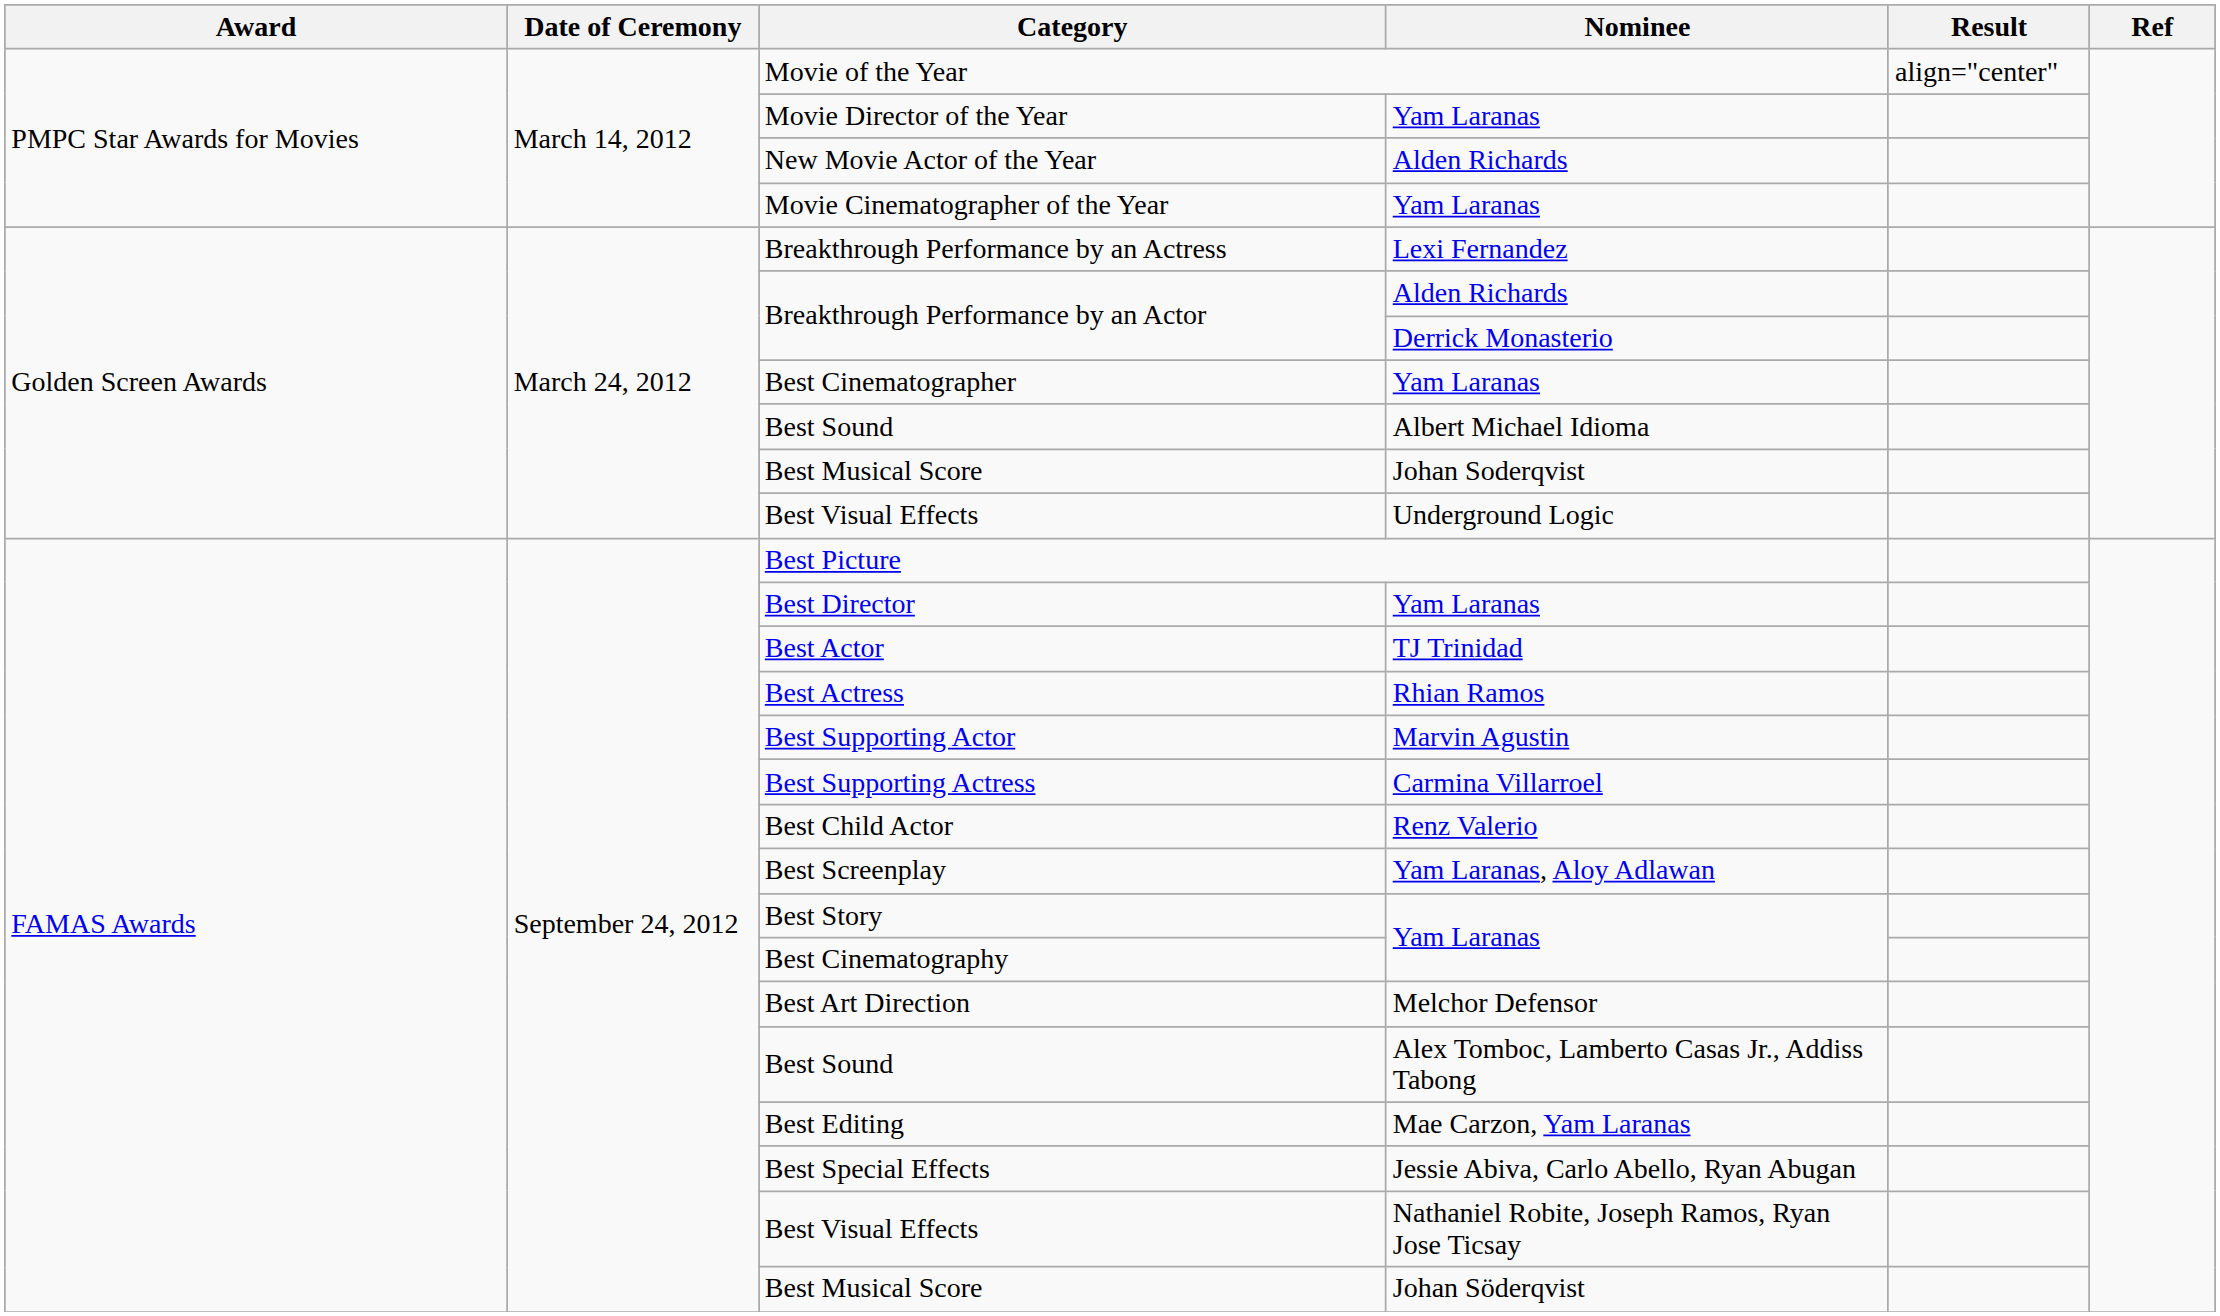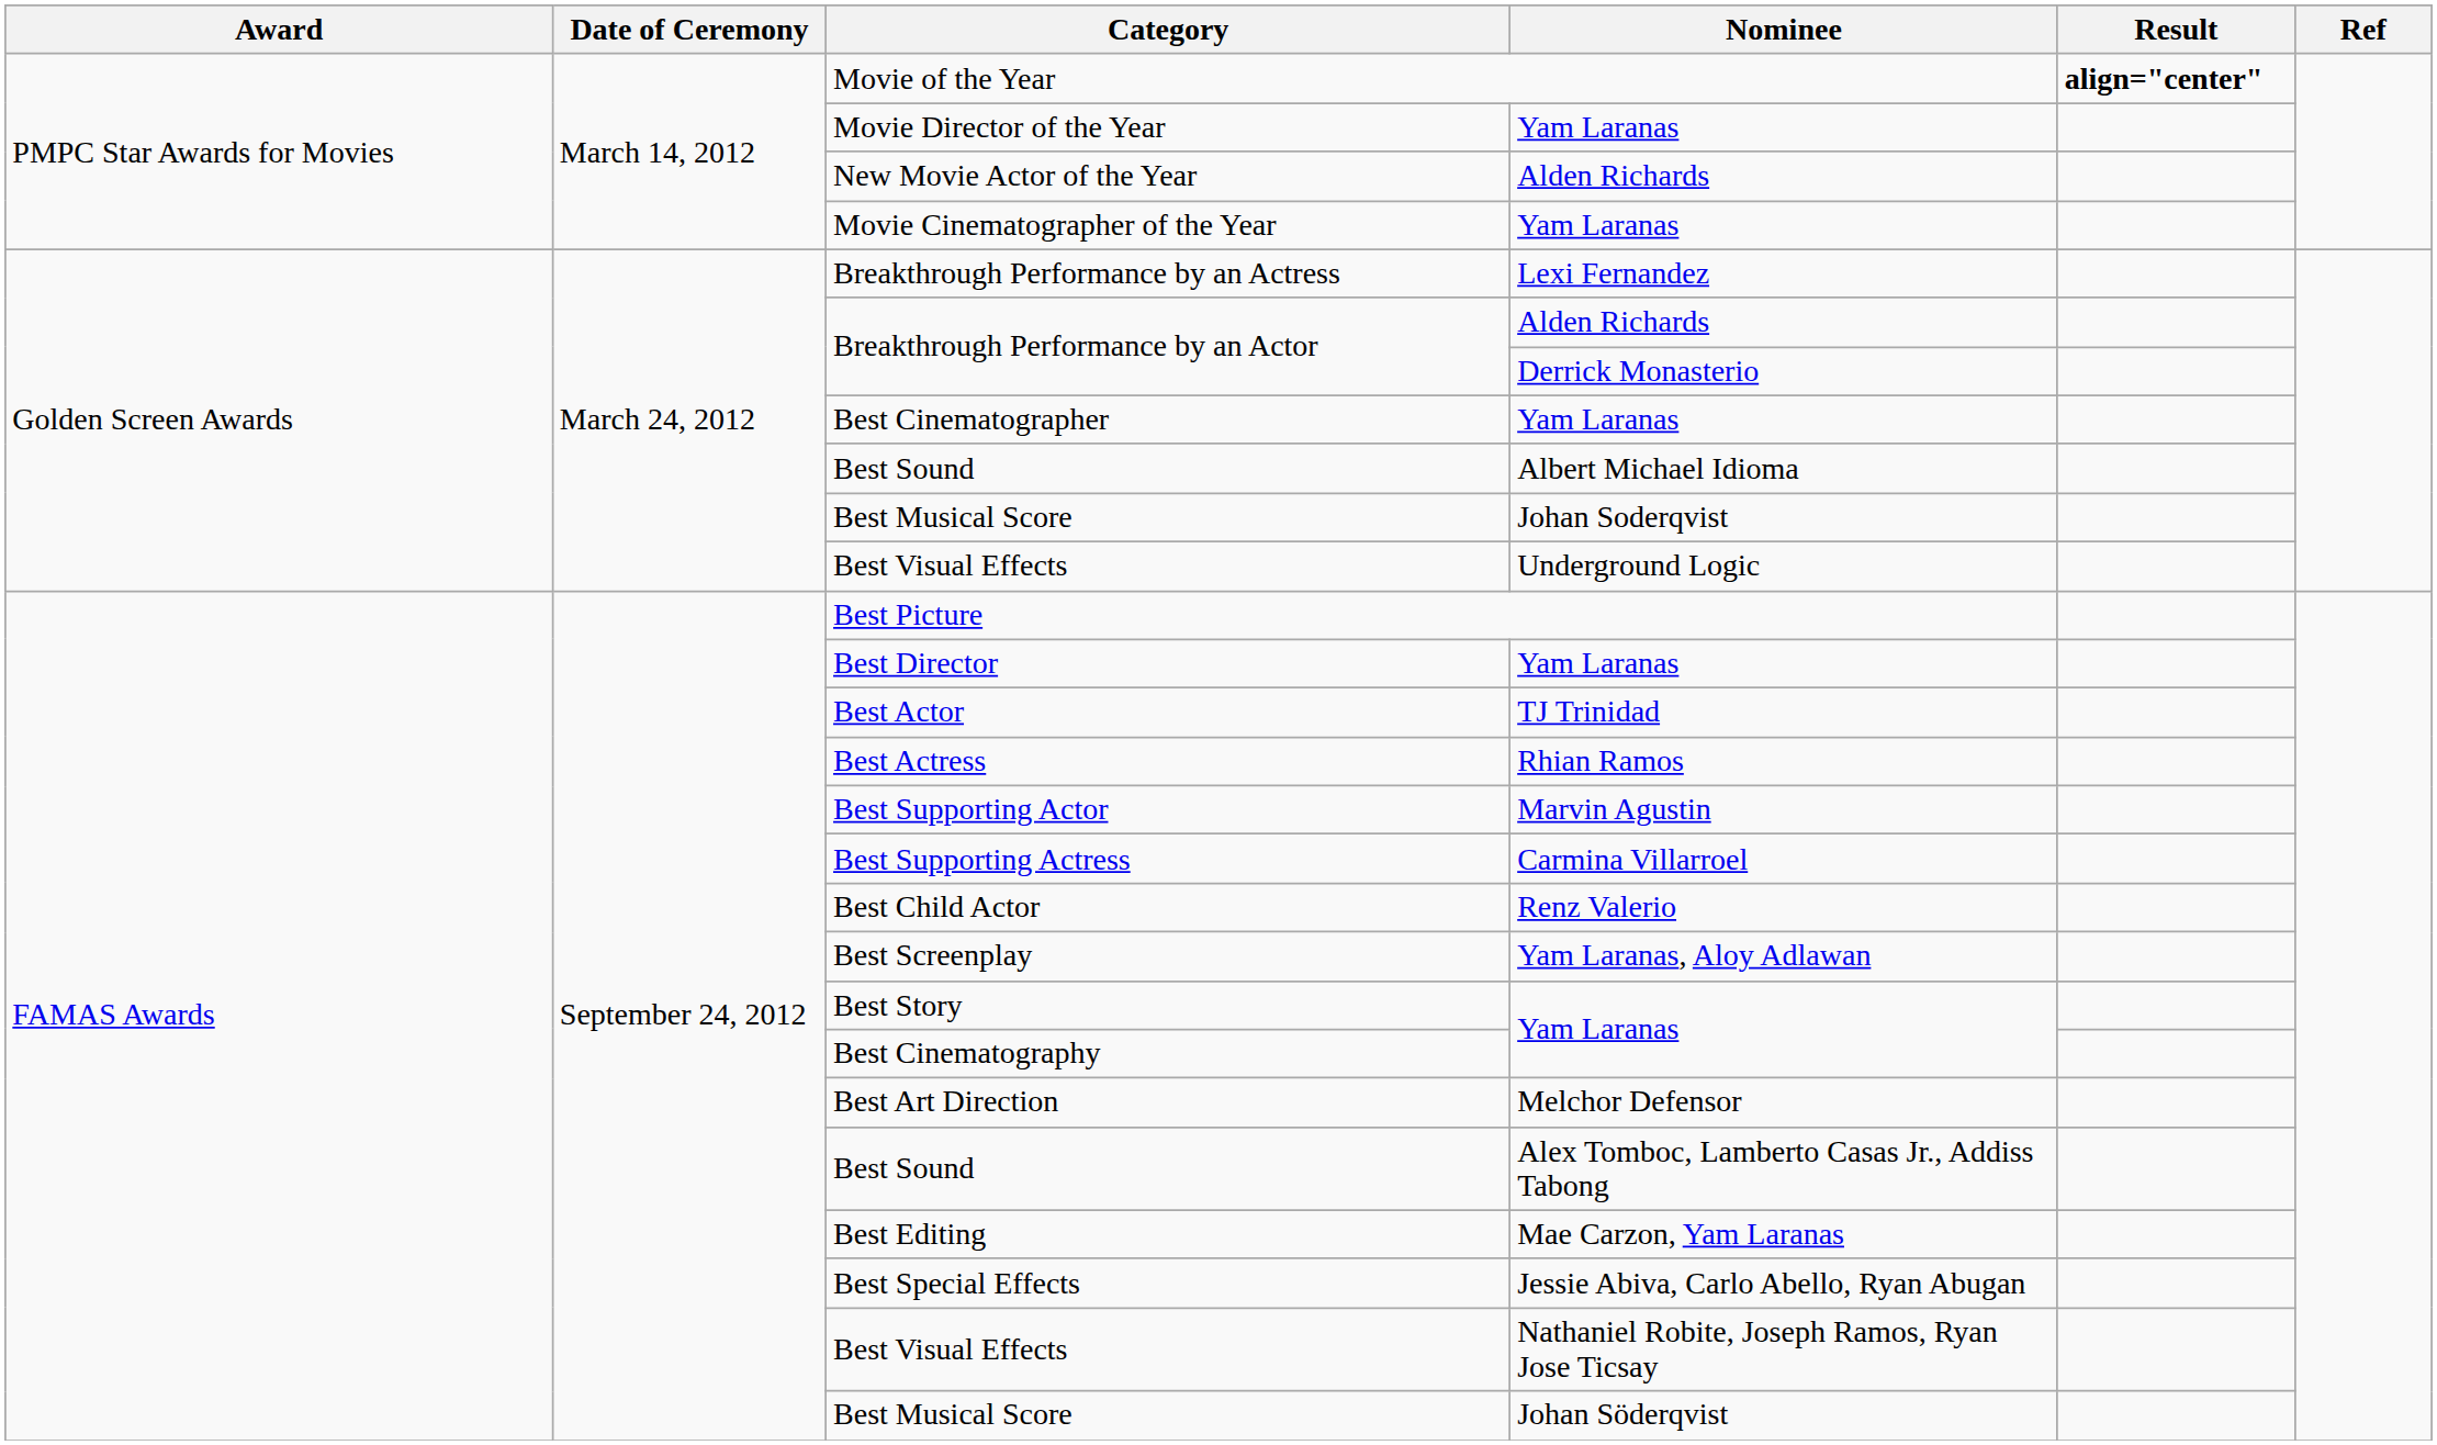 <table class="wikitable" style="margin:1em auto; width:100%;">
 <tr>
 <th style="width:20%;">Award</th>
 <th style="width:10%;">Date of Ceremony</th>
 <th style="width:25%;">Category</th>
 <th style="width:20%;">Nominee</th>
 <th style="width:8%;">Result</th>
 <th style="width:5%;">Ref</th>
 </tr>
 <tr>
 <td rowspan="4">PMPC Star Awards for Movies</td>
 <td rowspan="4">March 14, 2012</td>
 <td colspan="2">Movie of the Year</td>
-<td>align="center" </td>
+<td><strong>align="center" </strong></td>
 <td rowspan="4" style="text-align:center;"></td>
 </tr>
 <tr>
 <td>Movie Director of the Year</td>
 <td><a href='#'>Yam Laranas</a></td>
 <td></td>
 </tr>
 <tr>
 <td>New Movie Actor of the Year</td>
 <td><a href='#'>Alden Richards</a></td>
 <td></td>
 </tr>
 <tr>
 <td>Movie Cinematographer of the Year</td>
 <td><a href='#'>Yam Laranas</a></td>
 <td></td>
 </tr>
 <tr>
 <td rowspan="7">Golden Screen Awards</td>
 <td rowspan="7">March 24, 2012</td>
 <td>Breakthrough Performance by an Actress</td>
 <td><a href='#'>Lexi Fernandez</a></td>
 <td></td>
 <td rowspan="7" style="text-align:center;"></td>
 </tr>
 <tr>
 <td rowspan="2">Breakthrough Performance by an Actor</td>
 <td><a href='#'>Alden Richards</a></td>
 <td></td>
 </tr>
 <tr>
 <td><a href='#'>Derrick Monasterio</a></td>
 <td></td>
 </tr>
 <tr>
 <td>Best Cinematographer</td>
 <td><a href='#'>Yam Laranas</a></td>
 <td></td>
 </tr>
 <tr>
 <td>Best Sound</td>
 <td>Albert Michael Idioma</td>
 <td></td>
 </tr>
 <tr>
 <td>Best Musical Score</td>
 <td>Johan Soderqvist</td>
 <td></td>
 </tr>
 <tr>
 <td>Best Visual Effects</td>
 <td>Underground Logic</td>
 <td></td>
 </tr>
 <tr>
 <td rowspan="16"><a href='#'>FAMAS Awards</a></td>
 <td rowspan="16">September 24, 2012</td>
 <td colspan="2"><a href='#'>Best Picture</a></td>
 <td></td>
 <td rowspan="16" style="text-align:center;"></td>
 </tr>
 <tr>
 <td><a href='#'>Best Director</a></td>
 <td><a href='#'>Yam Laranas</a></td>
 <td></td>
 </tr>
 <tr>
 <td><a href='#'>Best Actor</a></td>
 <td><a href='#'>TJ Trinidad</a></td>
 <td></td>
 </tr>
 <tr>
 <td><a href='#'>Best Actress</a></td>
 <td><a href='#'>Rhian Ramos</a></td>
 <td></td>
 </tr>
 <tr>
 <td><a href='#'>Best Supporting Actor</a></td>
 <td><a href='#'>Marvin Agustin</a></td>
 <td></td>
 </tr>
 <tr>
 <td><a href='#'>Best Supporting Actress</a></td>
 <td><a href='#'>Carmina Villarroel</a></td>
 <td></td>
 </tr>
 <tr>
 <td>Best Child Actor</td>
 <td><a href='#'>Renz Valerio</a></td>
 <td></td>
 </tr>
 <tr>
 <td>Best Screenplay</td>
 <td><a href='#'>Yam Laranas</a>, <a href='#'>Aloy Adlawan</a></td>
 <td></td>
 </tr>
 <tr>
 <td>Best Story</td>
 <td rowspan=2><a href='#'>Yam Laranas</a></td>
 <td></td>
 </tr>
 <tr>
 <td>Best Cinematography</td>
 <td></td>
 </tr>
 <tr>
 <td>Best Art Direction</td>
 <td>Melchor Defensor</td>
 <td></td>
 </tr>
 <tr>
 <td>Best Sound</td>
 <td>Alex Tomboc, Lamberto Casas Jr., Addiss Tabong</td>
 <td></td>
 </tr>
 <tr>
 <td>Best Editing</td>
 <td>Mae Carzon, <a href='#'>Yam Laranas</a></td>
 <td></td>
 </tr>
 <tr>
 <td>Best Special Effects</td>
 <td>Jessie Abiva, Carlo Abello, Ryan Abugan</td>
 <td></td>
 </tr>
 <tr>
 <td>Best Visual Effects</td>
 <td>Nathaniel Robite, Joseph Ramos, Ryan Jose Ticsay</td>
 <td></td>
 </tr>
 <tr>
 <td>Best Musical Score</td>
 <td>Johan Söderqvist</td>
 <td></td>
 </tr>
 </table>
